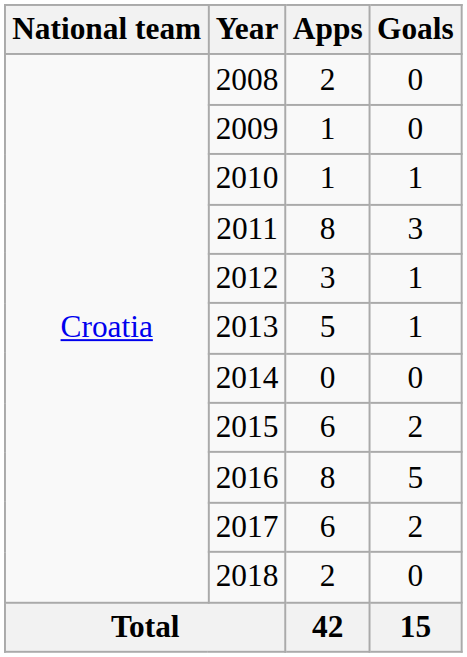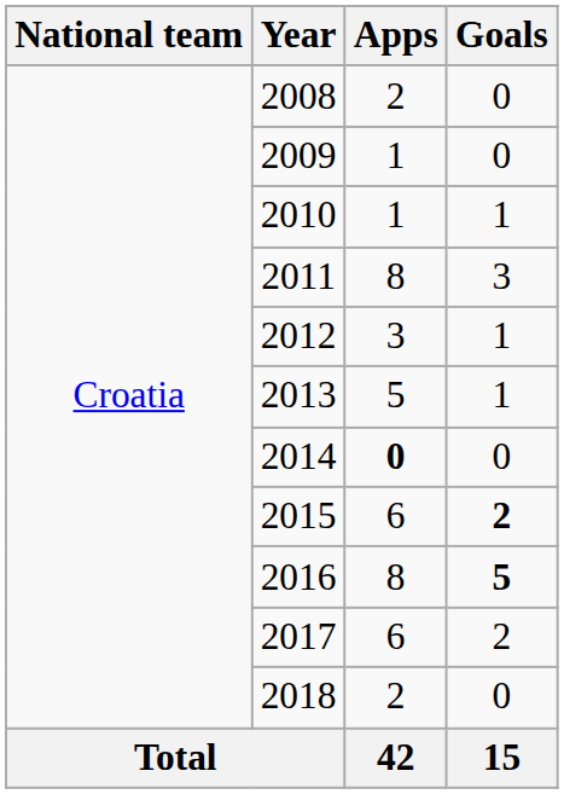 <table class="wikitable" style="text-align:center">
 <tr>
 <th>National team</th>
 <th>Year</th>
 <th>Apps</th>
 <th>Goals</th>
 </tr>
 <tr>
 <td rowspan="11"><a href='#'>Croatia</a></td>
 <td>2008</td>
 <td>2</td>
 <td>0</td>
 </tr>
 <tr>
 <td>2009</td>
 <td>1</td>
 <td>0</td>
 </tr>
 <tr>
 <td>2010</td>
 <td>1</td>
 <td>1</td>
 </tr>
 <tr>
 <td>2011</td>
 <td>8</td>
 <td>3</td>
 </tr>
 <tr>
 <td>2012</td>
 <td>3</td>
 <td>1</td>
 </tr>
 <tr>
 <td>2013</td>
 <td>5</td>
 <td>1</td>
 </tr>
 <tr>
 <td>2014</td>
-<td>0</td>
+<td><strong>0</strong></td>
 <td>0</td>
 </tr>
 <tr>
 <td>2015</td>
 <td>6</td>
-<td>2</td>
+<td><strong>2</strong></td>
 </tr>
 <tr>
 <td>2016</td>
 <td>8</td>
-<td>5</td>
+<td><strong>5</strong></td>
 </tr>
 <tr>
 <td>2017</td>
 <td>6</td>
 <td>2</td>
 </tr>
 <tr>
 <td>2018</td>
 <td>2</td>
 <td>0</td>
 </tr>
 <tr>
 <th colspan="2">Total</th>
 <th>42</th>
 <th>15</th>
 </tr>
 </table>
